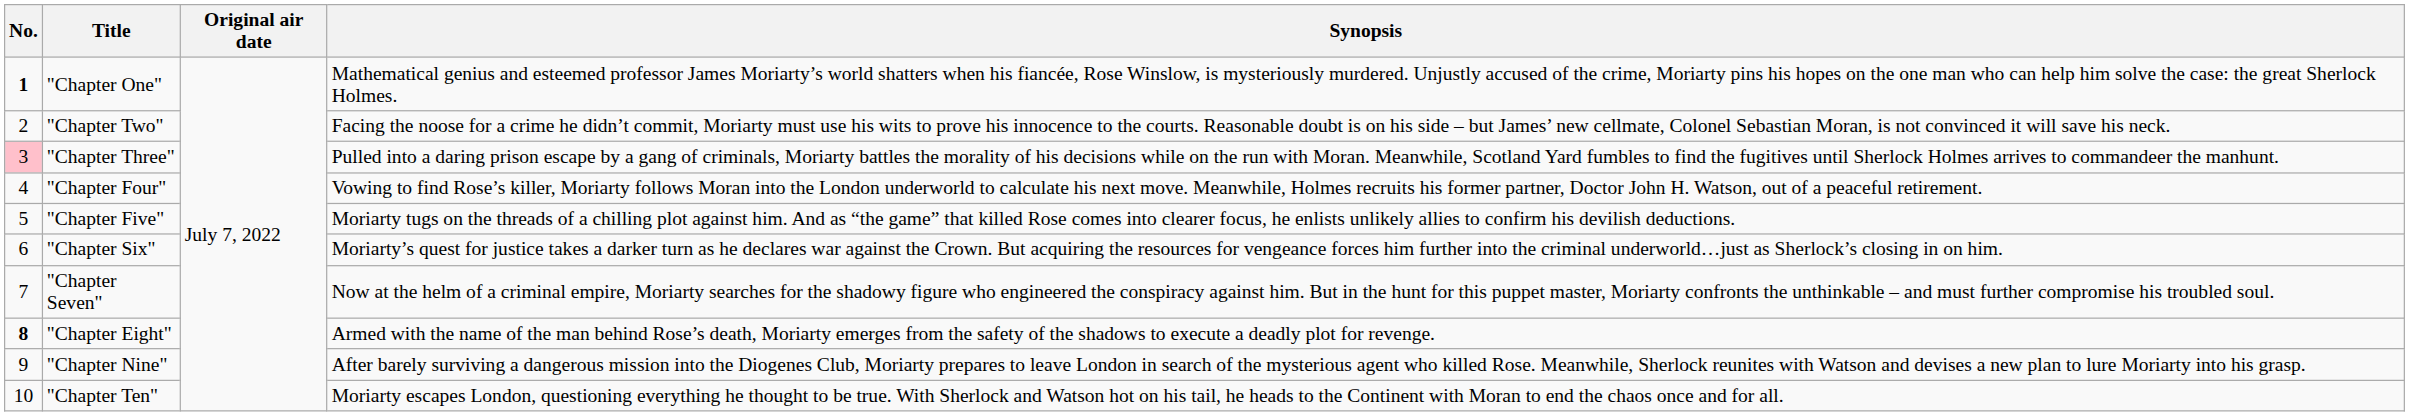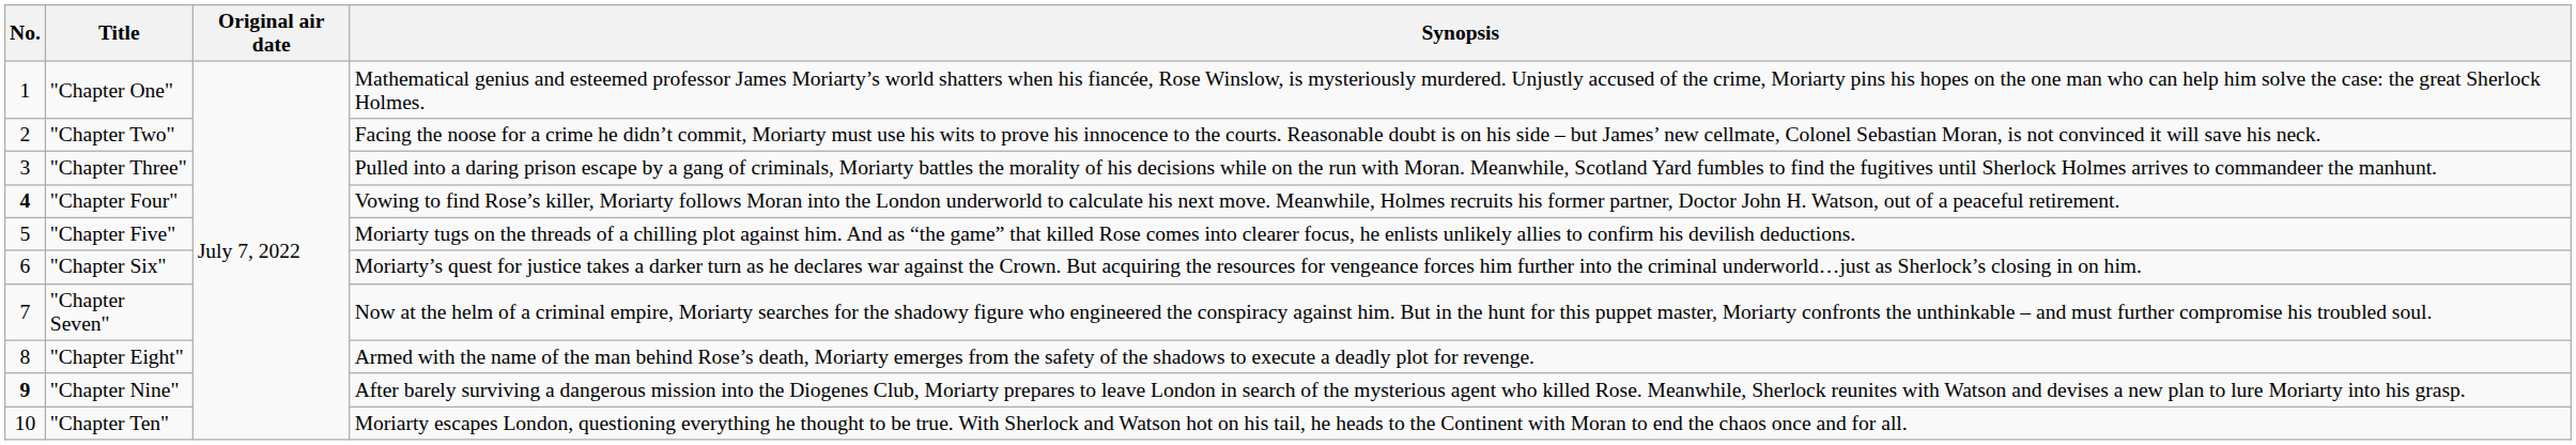 <table class="wikitable">
 <tr>
 <th>No.</th>
 <th>Title</th>
 <th>Original air date</th>
 <th>Synopsis</th>
 </tr>
 <tr>
-<td align=center><strong>1</strong></td>
+<td align=center>1</td>
 <td>"Chapter One"</td>
 <td rowspan="10">July 7, 2022</td>
 <td>Mathematical genius and esteemed professor James Moriarty’s world shatters when his fiancée, Rose Winslow, is mysteriously murdered. Unjustly accused of the crime, Moriarty pins his hopes on the one man who can help him solve the case: the great Sherlock Holmes.</td>
 </tr>
 <tr>
 <td align=center>2</td>
 <td>"Chapter Two"</td>
 <td>Facing the noose for a crime he didn’t commit, Moriarty must use his wits to prove his innocence to the courts. Reasonable doubt is on his side – but James’ new cellmate, Colonel Sebastian Moran, is not convinced it will save his neck.</td>
 </tr>
 <tr>
-<td align=center style="background: pink;">3</td>
+<td align=center>3</td>
 <td>"Chapter Three"</td>
 <td>Pulled into a daring prison escape by a gang of criminals, Moriarty battles the morality of his decisions while on the run with Moran. Meanwhile, Scotland Yard fumbles to find the fugitives until Sherlock Holmes arrives to commandeer the manhunt.</td>
 </tr>
 <tr>
-<td align=center>4</td>
+<td align=center><strong>4</strong></td>
 <td>"Chapter Four"</td>
 <td>Vowing to find Rose’s killer, Moriarty follows Moran into the London underworld to calculate his next move. Meanwhile, Holmes recruits his former partner, Doctor John H. Watson, out of a peaceful retirement.</td>
 </tr>
 <tr>
 <td align=center>5</td>
 <td>"Chapter Five"</td>
 <td>Moriarty tugs on the threads of a chilling plot against him. And as “the game” that killed Rose comes into clearer focus, he enlists unlikely allies to confirm his devilish deductions.</td>
 </tr>
 <tr>
 <td align=center>6</td>
 <td>"Chapter Six"</td>
 <td>Moriarty’s quest for justice takes a darker turn as he declares war against the Crown. But acquiring the resources for vengeance forces him further into the criminal underworld…just as Sherlock’s closing in on him.</td>
 </tr>
 <tr>
 <td align=center>7</td>
 <td>"Chapter Seven"</td>
 <td>Now at the helm of a criminal empire, Moriarty searches for the shadowy figure who engineered the conspiracy against him. But in the hunt for this puppet master, Moriarty confronts the unthinkable – and must further compromise his troubled soul.</td>
 </tr>
 <tr>
-<td align=center><strong>8</strong></td>
+<td align=center>8</td>
 <td>"Chapter Eight"</td>
 <td>Armed with the name of the man behind Rose’s death, Moriarty emerges from the safety of the shadows to execute a deadly plot for revenge.</td>
 </tr>
 <tr>
-<td align=center>9</td>
+<td align=center><strong>9</strong></td>
 <td>"Chapter Nine"</td>
 <td>After barely surviving a dangerous mission into the Diogenes Club, Moriarty prepares to leave London in search of the mysterious agent who killed Rose. Meanwhile, Sherlock reunites with Watson and devises a new plan to lure Moriarty into his grasp.</td>
 </tr>
 <tr>
 <td align=center>10</td>
 <td>"Chapter Ten"</td>
 <td>Moriarty escapes London, questioning everything he thought to be true. With Sherlock and Watson hot on his tail, he heads to the Continent with Moran to end the chaos once and for all.</td>
 </tr>
 </table>
